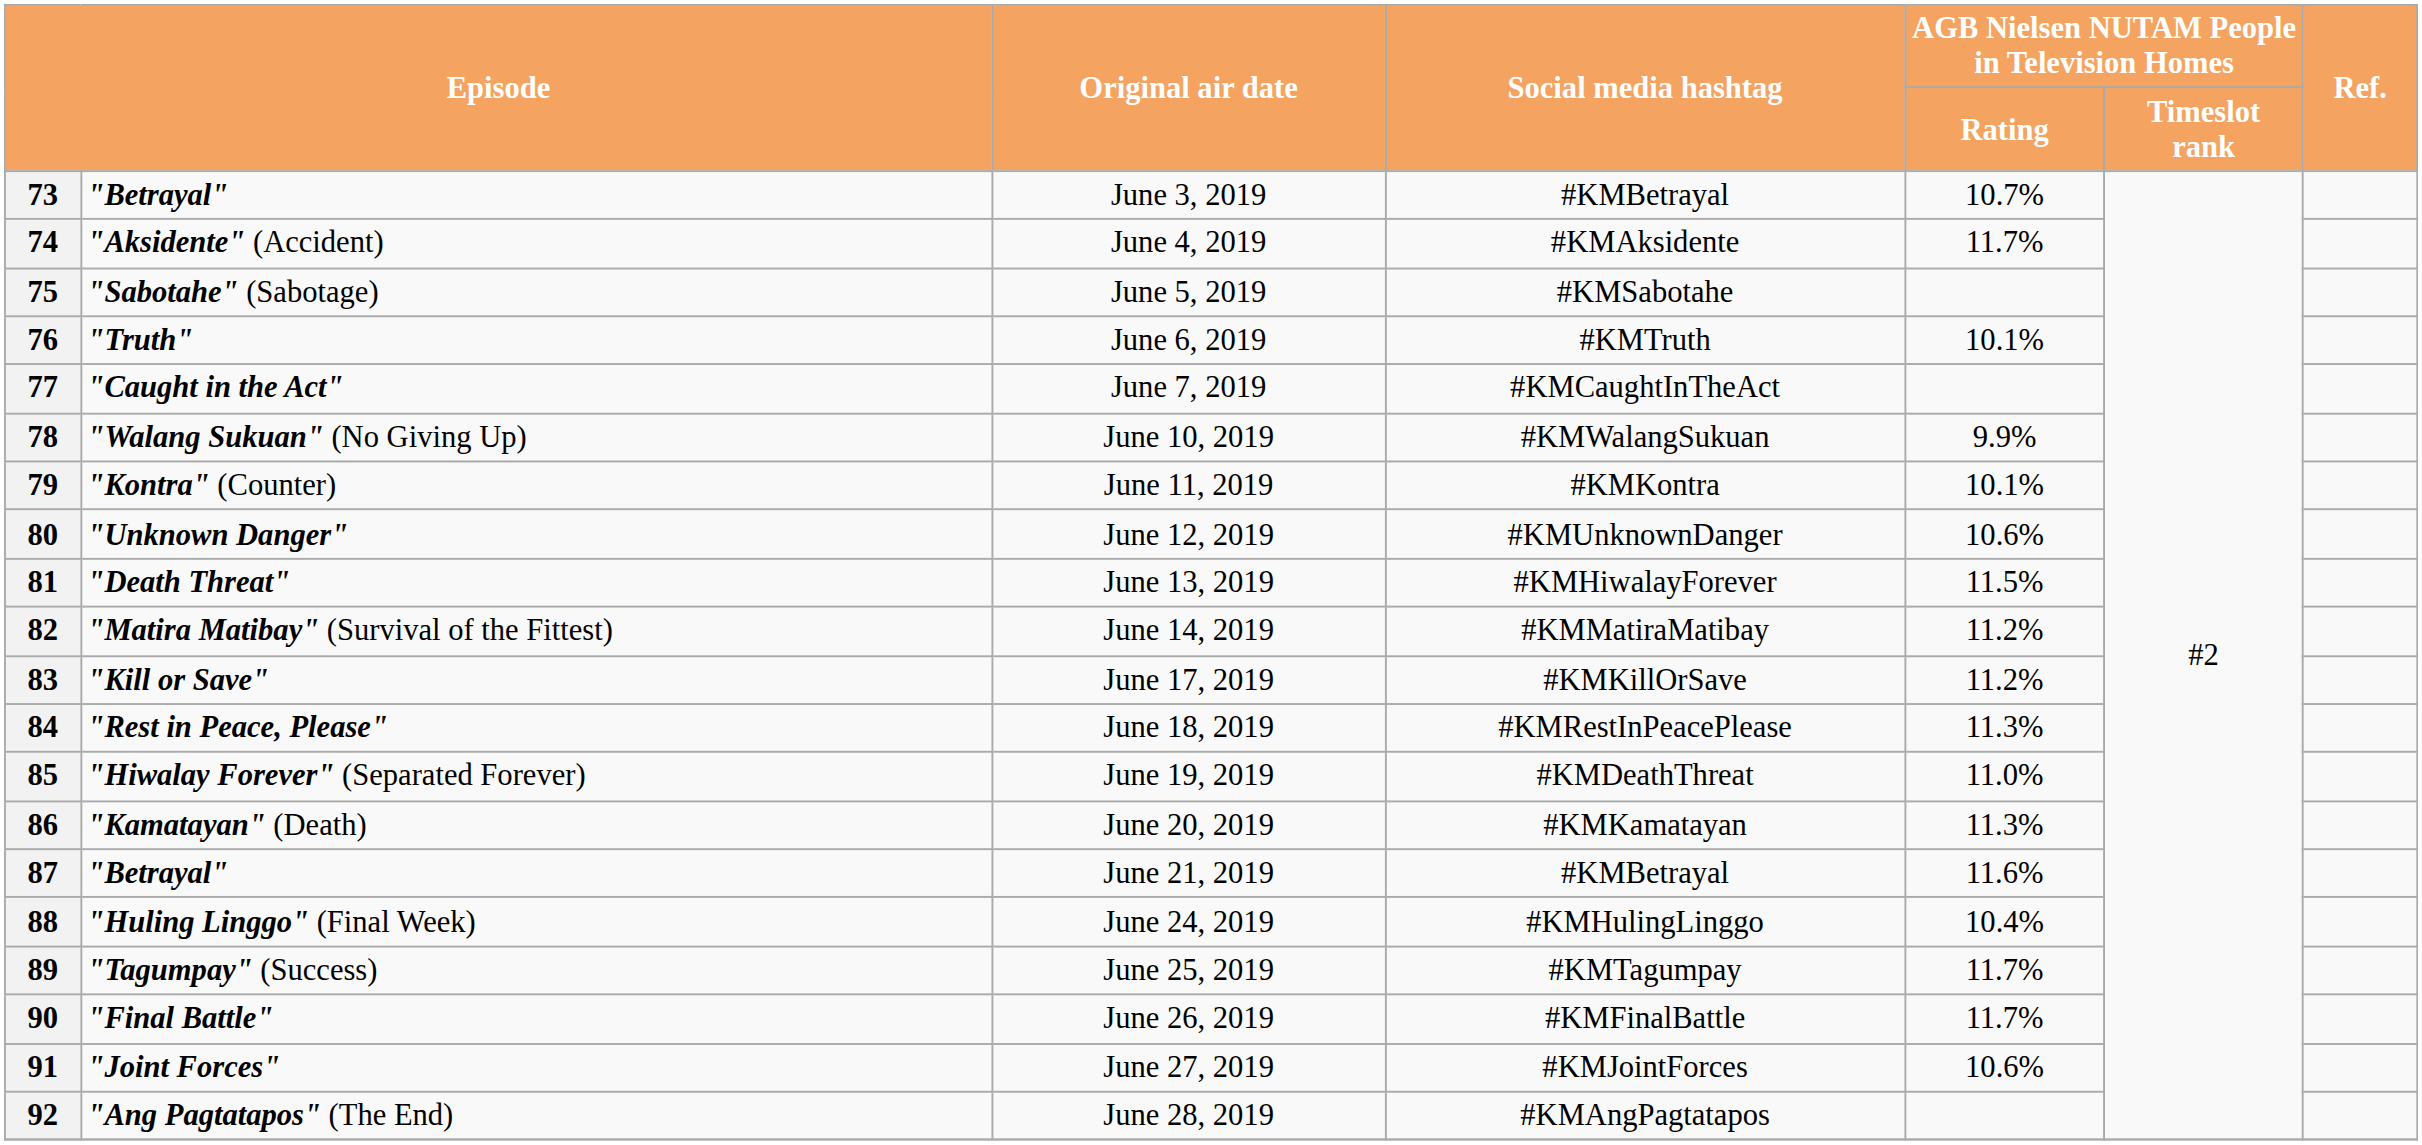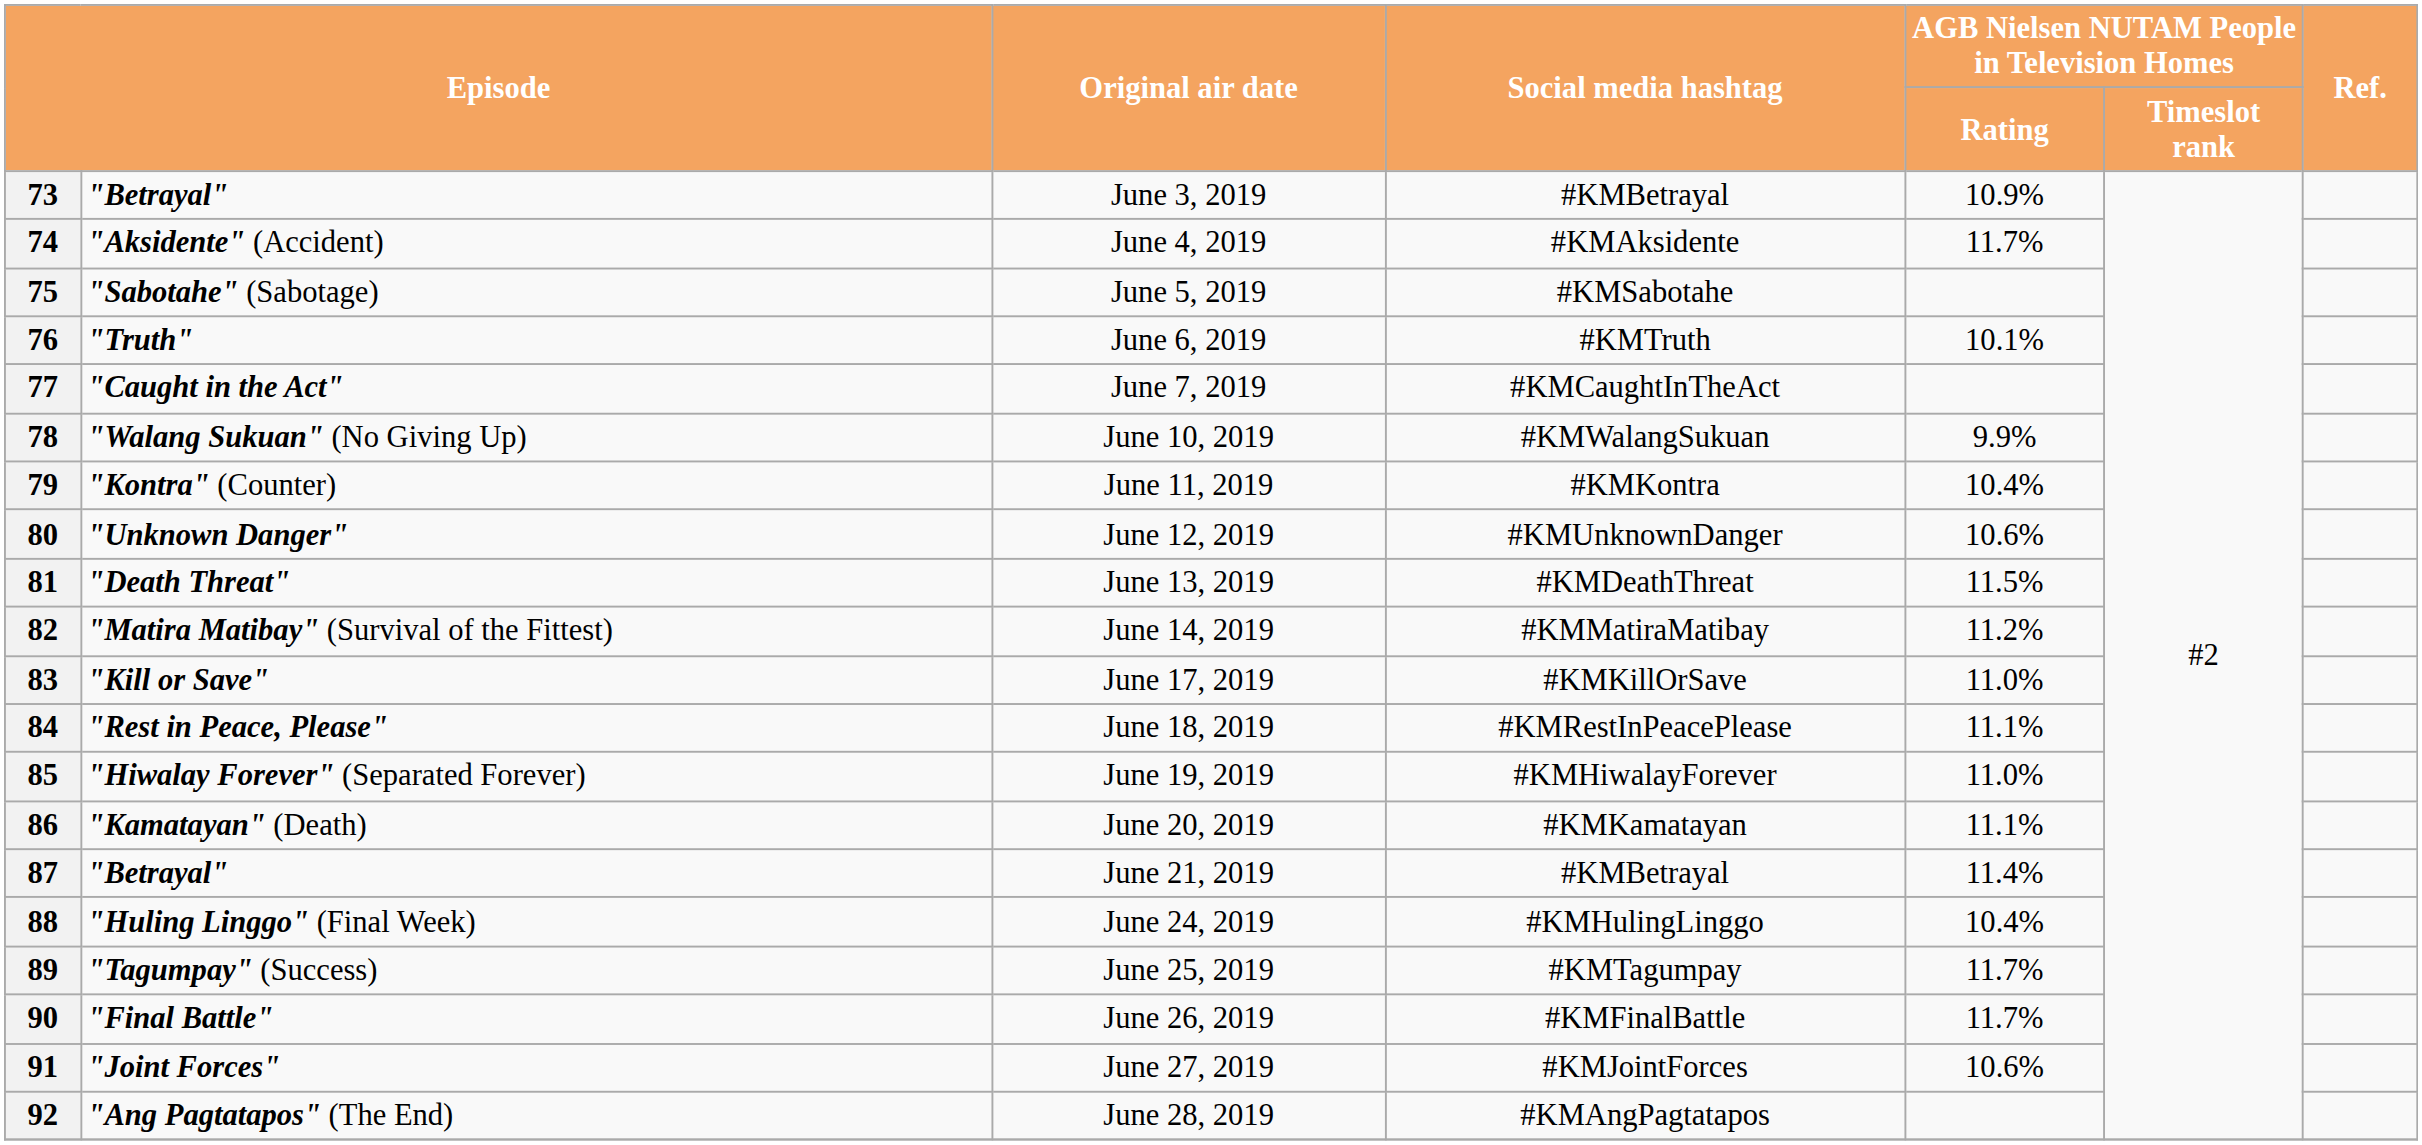 <table class="wikitable" style="text-align:center; font-size:100%; line-height:18px; width:100%">
 <tr>
 <th style="background-color:#F4A460; color:#ffffff;" colspan="2" rowspan="2">Episode</th>
 <th style="background-color:#F4A460; color:white" rowspan="2">Original air date</th>
 <th style="background-color:#F4A460; color:white" rowspan="2">Social media hashtag</th>
 <th style="background-color:#F4A460; color:#ffffff;" colspan="2">AGB Nielsen NUTAM People in Television Homes</th>
 <th style="background-color:#F4A460;  color:#ffffff;" rowspan="2">Ref.</th>
 </tr>
 <tr>
 <th style="background-color:#F4A460; width:75px; color:#ffffff;">Rating</th>
 <th style="background-color:#F4A460;  width:75px; color:#ffffff;">Timeslot<br>rank</th>
 </tr>
 <tr>
 <th>73</th>
 <td style="text-align: left;"><strong><em>"Betrayal"</em></strong></td>
 <td>June 3, 2019</td>
 <td>#KMBetrayal</td>
-<td>10.7%</td>
+<td>10.9%</td>
 <td rowspan="20">#2</td>
 <td></td>
 </tr>
 <tr>
 <th>74</th>
 <td style="text-align: left;"><strong><em>"Aksidente"</em></strong> (Accident)</td>
 <td>June 4, 2019</td>
 <td>#KMAksidente</td>
 <td>11.7%</td>
 <td></td>
 </tr>
 <tr>
 <th>75</th>
 <td style="text-align: left;"><strong><em>"Sabotahe"</em></strong> (Sabotage)</td>
 <td>June 5, 2019</td>
 <td>#KMSabotahe</td>
 <td></td>
 <td></td>
 </tr>
 <tr>
 <th>76</th>
 <td style="text-align: left;"><strong><em>"Truth"</em></strong></td>
 <td>June 6, 2019</td>
 <td>#KMTruth</td>
 <td>10.1%</td>
 <td></td>
 </tr>
 <tr>
 <th>77</th>
 <td style="text-align: left;"><strong><em>"Caught in the Act"</em></strong></td>
 <td>June 7, 2019</td>
 <td>#KMCaughtInTheAct</td>
 <td></td>
 <td></td>
 </tr>
 <tr>
 <th>78</th>
 <td style="text-align: left;"><strong><em>"Walang Sukuan"</em></strong> (No Giving Up)</td>
 <td>June 10, 2019</td>
 <td>#KMWalangSukuan</td>
 <td>9.9%</td>
 <td></td>
 </tr>
 <tr>
 <th>79</th>
 <td style="text-align: left;"><strong><em>"Kontra"</em></strong> (Counter)</td>
 <td>June 11, 2019</td>
 <td>#KMKontra</td>
-<td>10.1%</td>
+<td>10.4%</td>
 <td></td>
 </tr>
 <tr>
 <th>80</th>
 <td style="text-align: left;"><strong><em>"Unknown Danger"</em></strong></td>
 <td>June 12, 2019</td>
 <td>#KMUnknownDanger</td>
 <td>10.6%</td>
 <td></td>
 </tr>
 <tr>
 <th>81</th>
 <td style="text-align: left;"><strong><em>"Death Threat"</em></strong></td>
 <td>June 13, 2019</td>
-<td>#KMHiwalayForever</td>
+<td>#KMDeathThreat</td>
 <td>11.5%</td>
 <td></td>
 </tr>
 <tr>
 <th>82</th>
 <td style="text-align: left;"><strong><em>"Matira Matibay"</em></strong> (Survival of the Fittest)</td>
 <td>June 14, 2019</td>
 <td>#KMMatiraMatibay</td>
 <td>11.2%</td>
 <td></td>
 </tr>
 <tr>
 <th>83</th>
 <td style="text-align: left;"><strong><em>"Kill or Save"</em></strong></td>
 <td>June 17, 2019</td>
 <td>#KMKillOrSave</td>
-<td>11.2%</td>
+<td>11.0%</td>
 <td></td>
 </tr>
 <tr>
 <th>84</th>
 <td style="text-align: left;"><strong><em>"Rest in Peace, Please"</em></strong></td>
 <td>June 18, 2019</td>
 <td>#KMRestInPeacePlease</td>
-<td>11.3%</td>
+<td>11.1%</td>
 <td></td>
 </tr>
 <tr>
 <th>85</th>
 <td style="text-align: left;"><strong><em>"Hiwalay Forever"</em></strong> (Separated Forever)</td>
 <td>June 19, 2019</td>
-<td>#KMDeathThreat</td>
+<td>#KMHiwalayForever</td>
 <td>11.0%</td>
 <td></td>
 </tr>
 <tr>
 <th>86</th>
 <td style="text-align: left;"><strong><em>"Kamatayan"</em></strong> (Death)</td>
 <td>June 20, 2019</td>
 <td>#KMKamatayan</td>
-<td>11.3%</td>
+<td>11.1%</td>
 <td></td>
 </tr>
 <tr>
 <th>87</th>
 <td style="text-align: left;"><strong><em>"Betrayal"</em></strong></td>
 <td>June 21, 2019</td>
 <td>#KMBetrayal</td>
-<td>11.6%</td>
+<td>11.4%</td>
 <td></td>
 </tr>
 <tr>
 <th>88</th>
 <td style="text-align: left;"><strong><em>"Huling Linggo"</em></strong> (Final Week)</td>
 <td>June 24, 2019</td>
 <td>#KMHulingLinggo</td>
 <td>10.4%</td>
 <td></td>
 </tr>
 <tr>
 <th>89</th>
 <td style="text-align: left;"><strong><em>"Tagumpay"</em></strong> (Success)</td>
 <td>June 25, 2019</td>
 <td>#KMTagumpay</td>
 <td>11.7%</td>
 <td></td>
 </tr>
 <tr>
 <th>90</th>
 <td style="text-align: left;"><strong><em>"Final Battle"</em></strong></td>
 <td>June 26, 2019</td>
 <td>#KMFinalBattle</td>
 <td>11.7%</td>
 <td></td>
 </tr>
 <tr>
 <th>91</th>
 <td style="text-align: left;"><strong><em>"Joint Forces"</em></strong></td>
 <td>June 27, 2019</td>
 <td>#KMJointForces</td>
 <td>10.6%</td>
 <td></td>
 </tr>
 <tr>
 <th>92</th>
 <td style="text-align: left;"><strong><em>"Ang Pagtatapos"</em></strong> (The End)</td>
 <td>June 28, 2019</td>
 <td>#KMAngPagtatapos</td>
 <td></td>
 <td></td>
 </tr>
 <tr>
 </tr>
 </table>
